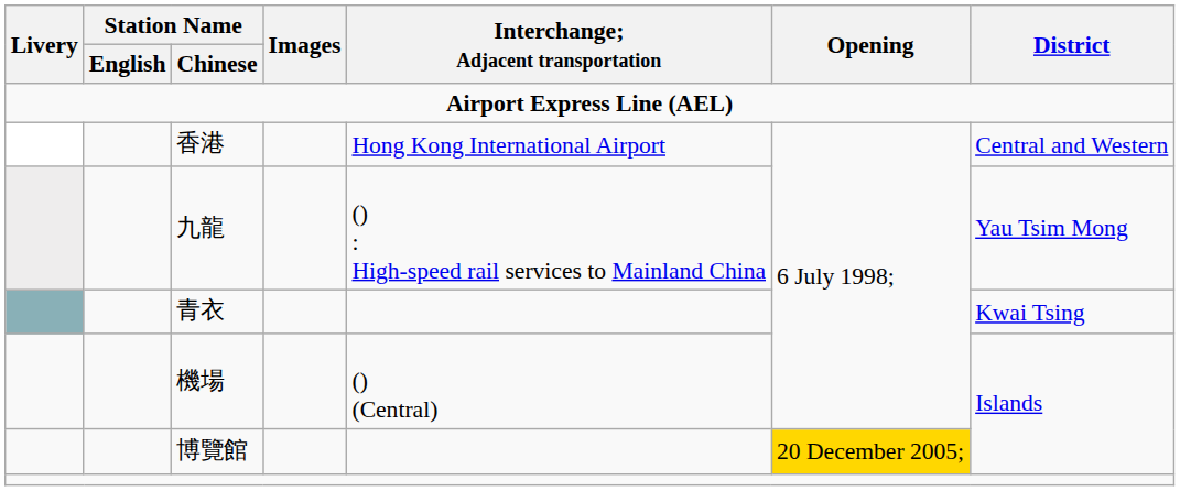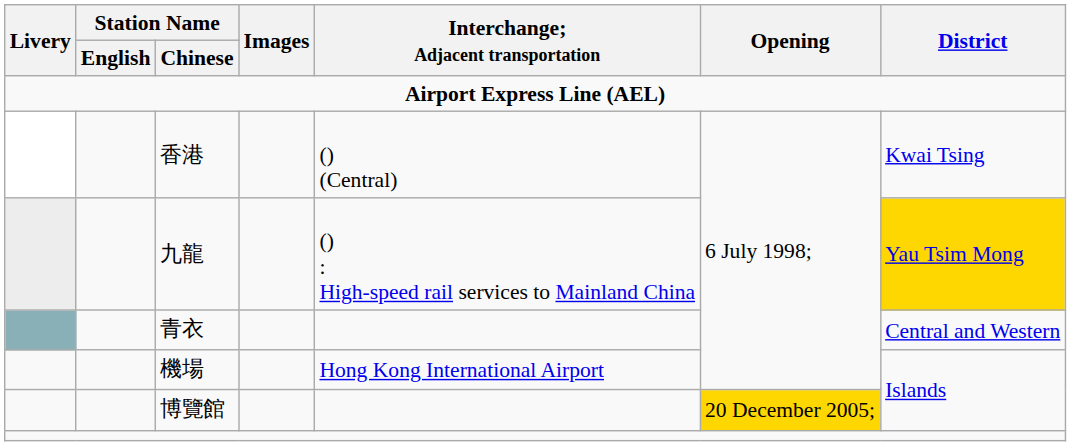 <table class="wikitable" style="color: black; border-collapse: collapse; font-size: 95%">
 <tr>
 <th rowspan="2">Livery</th>
 <th colspan="2">Station Name</th>
 <th rowspan="2">Images</th>
 <th rowspan="2">Interchange;<br><small>Adjacent transportation</small></th>
 <th rowspan="2">Opening</th>
 <th rowspan="2"><a href='#'>District</a></th>
 </tr>
 <tr>
 <th>English</th>
 <th>Chinese</th>
 </tr>
 <tr>
 <td colspan="7" style="text-align:center;"><strong><span>Airport Express Line (AEL)</span></strong></td>
 </tr>
 <tr>
 <td style="background-color:#FFFFFF;"></td>
 <td><strong></strong></td>
 <td>香港</td>
 <td></td>
-<td> <a href='#'>Hong Kong International Airport</a></td>
+<td><br> ()<br> (Central)</td>
 <td rowspan="4">6 July 1998;<br></td>
-<td><a href='#'>Central and Western</a></td>
+<td><a href='#'>Kwai Tsing</a></td>
 </tr>
 <tr>
 <td style="background-color:#EEEDED;"></td>
 <td><strong></strong></td>
 <td>九龍</td>
 <td></td>
 <td><br> ()<br><strong></strong>:<br>  <a href='#'>High-speed rail</a> services to <a href='#'>Mainland China</a></td>
-<td><a href='#'>Yau Tsim Mong</a></td>
+<td style="background: gold;"><a href='#'>Yau Tsim Mong</a></td>
 </tr>
 <tr>
 <td style="background-color:#89B0B7;"></td>
 <td><strong></strong></td>
 <td>青衣</td>
 <td></td>
 <td></td>
-<td><a href='#'>Kwai Tsing</a></td>
+<td><a href='#'>Central and Western</a></td>
 </tr>
 <tr>
 <td></td>
 <td><strong></strong></td>
 <td>機場</td>
 <td></td>
-<td><br> ()<br> (Central)</td>
+<td> <a href='#'>Hong Kong International Airport</a></td>
 <td rowspan=2><a href='#'>Islands</a></td>
 </tr>
 <tr>
 <td></td>
 <td><strong></strong></td>
 <td>博覽館</td>
 <td></td>
 <td></td>
 <td style="background: gold;">20 December 2005;<br></td>
 </tr>
 <tr>
 <td colspan = "7"></td>
 </tr>
 </table>
